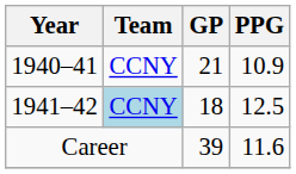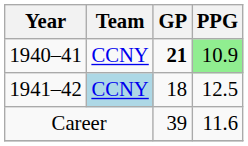 <table class="wikitable sortable" style="font-size:95%; text-align:right;">
 <tr>
 <th>Year</th>
 <th>Team</th>
 <th>GP</th>
 <th>PPG</th>
 </tr>
 <tr>
 <td style="text-align:left;">1940–41</td>
 <td style="text-align:left;"><a href='#'>CCNY</a></td>
-<td>21</td>
-<td>10.9</td>
+<td><strong>21</strong></td>
+<td style="background: lightgreen;">10.9</td>
 </tr>
 <tr>
 <td style="text-align:left;">1941–42</td>
 <td style="background: lightblue; text-align:left;"><a href='#'>CCNY</a></td>
 <td>18</td>
 <td>12.5</td>
 </tr>
 <tr>
 <td style="text-align:center;" colspan="2">Career</td>
 <td>39</td>
 <td>11.6</td>
 </tr>
 <tr>
 </tr>
 </table>
